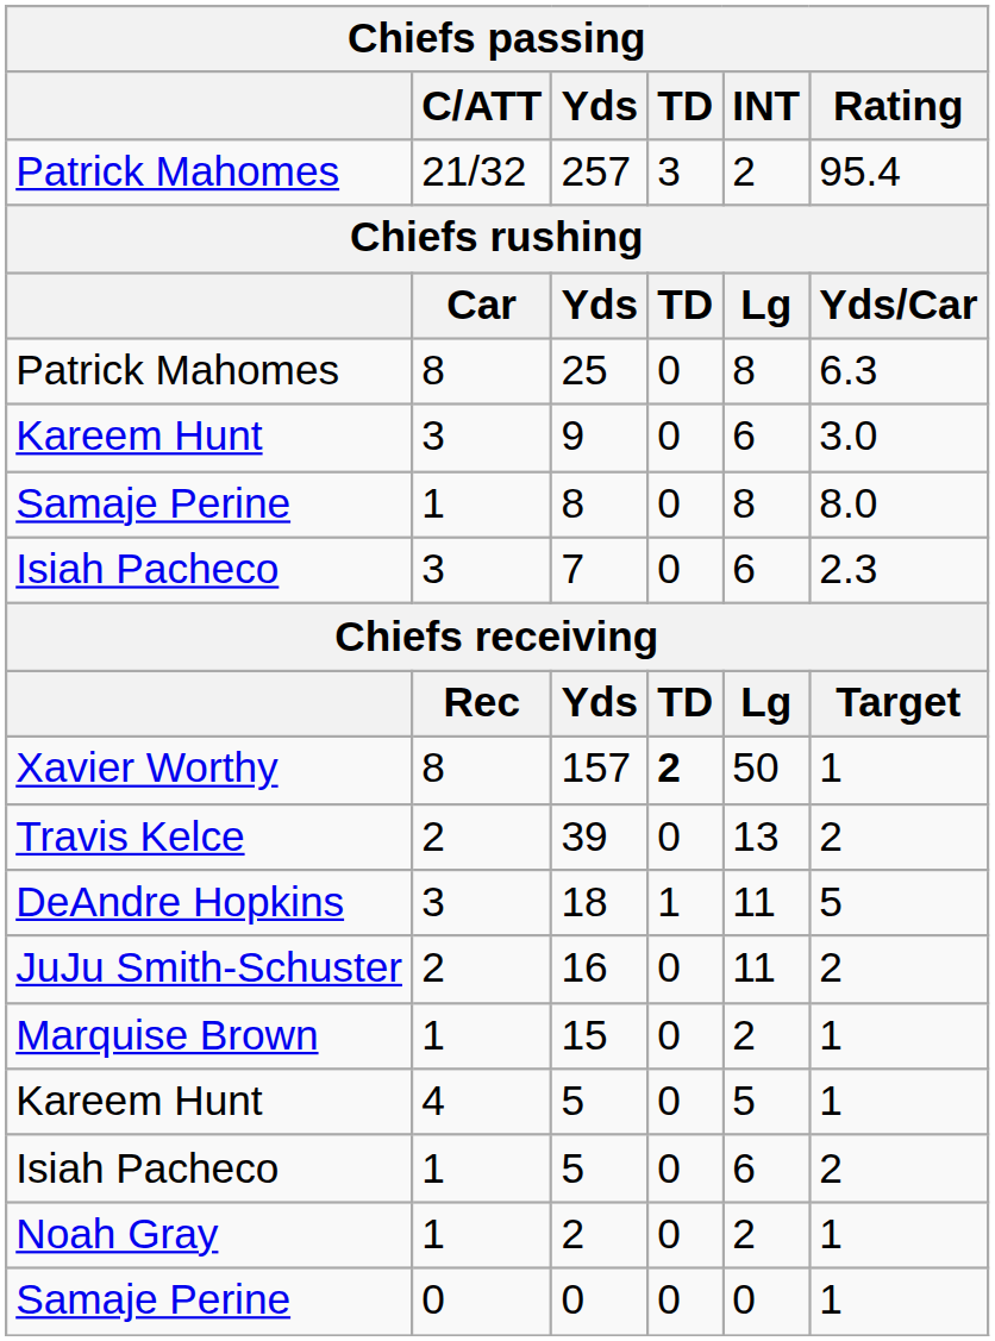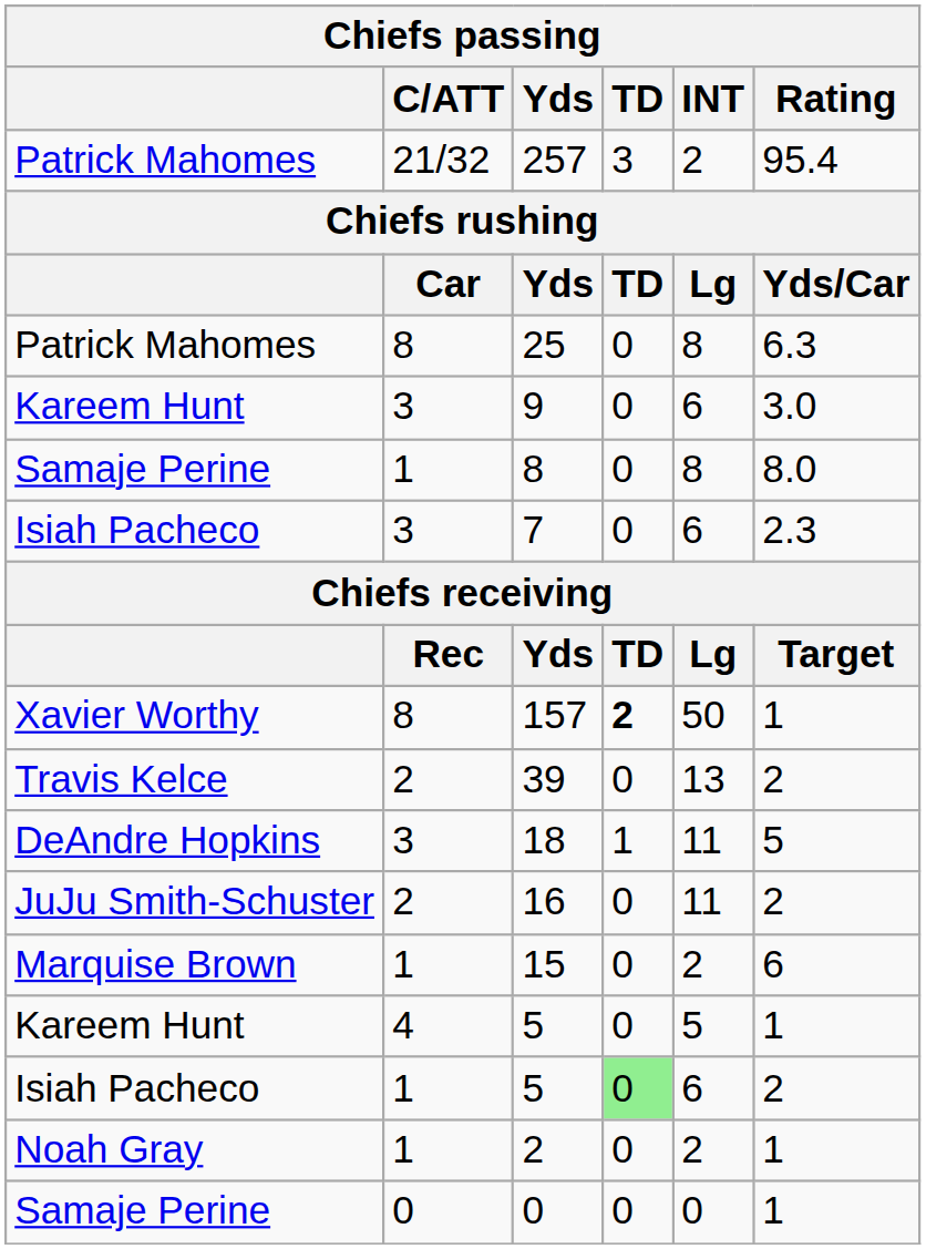 <table class="wikitable plainrowheaders">
 <tr>
 <th colspan="6">Chiefs passing</th>
 </tr>
 <tr>
 <th scope="col"></th>
 <th scope="col">C/ATT</th>
 <th scope="col">Yds</th>
 <th scope="col">TD</th>
 <th scope="col">INT</th>
 <th scope="col">Rating</th>
 </tr>
 <tr>
 <td><a href='#'>Patrick Mahomes</a></td>
 <td>21/32</td>
 <td>257</td>
 <td>3</td>
 <td>2</td>
 <td>95.4</td>
 </tr>
 <tr>
 <th colspan="6">Chiefs rushing</th>
 </tr>
 <tr>
 <th scope="col"></th>
 <th scope="col">Car</th>
 <th scope="col">Yds</th>
 <th scope="col">TD</th>
 <th scope="col">Lg</th>
 <th scope="col">Yds/Car</th>
 </tr>
 <tr>
 <td>Patrick Mahomes</td>
 <td>8</td>
 <td>25</td>
 <td>0</td>
 <td>8</td>
 <td>6.3</td>
 </tr>
 <tr>
 <td><a href='#'>Kareem Hunt</a></td>
 <td>3</td>
 <td>9</td>
 <td>0</td>
 <td>6</td>
 <td>3.0</td>
 </tr>
 <tr>
 <td><a href='#'>Samaje Perine</a></td>
 <td>1</td>
 <td>8</td>
 <td>0</td>
 <td>8</td>
 <td>8.0</td>
 </tr>
 <tr>
 <td><a href='#'>Isiah Pacheco</a></td>
 <td>3</td>
 <td>7</td>
 <td>0</td>
 <td>6</td>
 <td>2.3</td>
 </tr>
 <tr>
 <th colspan="6">Chiefs receiving</th>
 </tr>
 <tr>
 <th scope="col"></th>
 <th scope="col">Rec</th>
 <th scope="col">Yds</th>
 <th scope="col">TD</th>
 <th scope="col">Lg</th>
 <th scope="col">Target</th>
 </tr>
 <tr>
 <td><a href='#'>Xavier Worthy</a></td>
 <td>8</td>
 <td>157</td>
 <td><strong>2</strong></td>
 <td>50</td>
 <td>1</td>
 </tr>
 <tr>
 <td><a href='#'>Travis Kelce</a></td>
 <td>2</td>
 <td>39</td>
 <td>0</td>
 <td>13</td>
 <td>2</td>
 </tr>
 <tr>
 <td><a href='#'>DeAndre Hopkins</a></td>
 <td>3</td>
 <td>18</td>
 <td>1</td>
 <td>11</td>
 <td>5</td>
 </tr>
 <tr>
 <td><a href='#'>JuJu Smith-Schuster</a></td>
 <td>2</td>
 <td>16</td>
 <td>0</td>
 <td>11</td>
 <td>2</td>
 </tr>
 <tr>
 <td><a href='#'>Marquise Brown</a></td>
 <td>1</td>
 <td>15</td>
 <td>0</td>
 <td>2</td>
-<td>1</td>
+<td>6</td>
 </tr>
 <tr>
 <td>Kareem Hunt</td>
 <td>4</td>
 <td>5</td>
 <td>0</td>
 <td>5</td>
 <td>1</td>
 </tr>
 <tr>
 <td>Isiah Pacheco</td>
 <td>1</td>
 <td>5</td>
-<td>0</td>
+<td style="background: lightgreen;">0</td>
 <td>6</td>
 <td>2</td>
 </tr>
 <tr>
 <td><a href='#'>Noah Gray</a></td>
 <td>1</td>
 <td>2</td>
 <td>0</td>
 <td>2</td>
 <td>1</td>
 </tr>
 <tr>
 <td><a href='#'>Samaje Perine</a></td>
 <td>0</td>
 <td>0</td>
 <td>0</td>
 <td>0</td>
 <td>1</td>
 </tr>
 <tr>
 </tr>
 </table>
